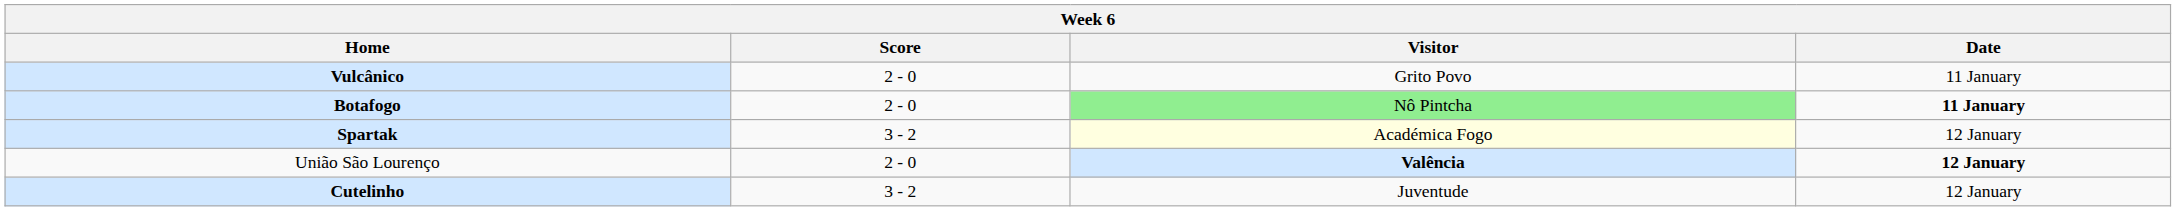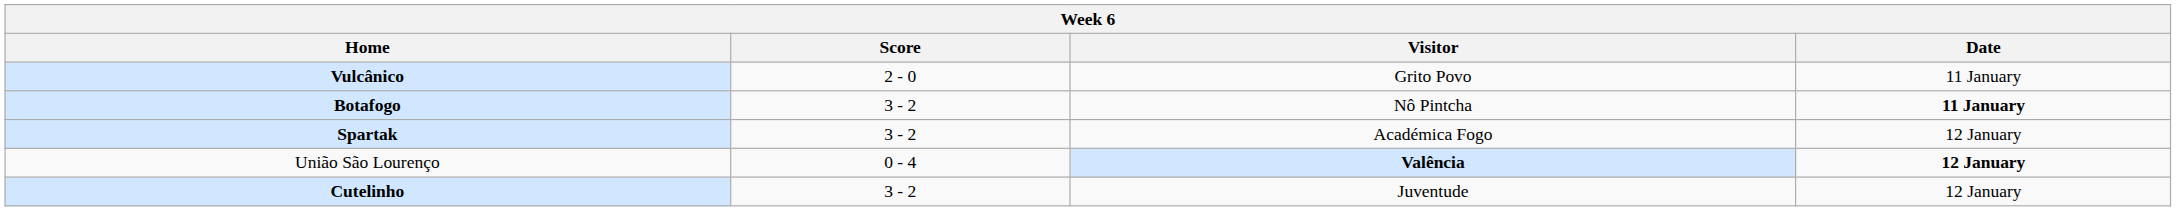 <table class="wikitable" style="margin:1em auto; font-size:95%; text-align: center; width: 95%;">
 <tr>
 <th colspan="12"  style="with:100%; text-align:center;">Week 6</th>
 </tr>
 <tr>
 <th style="width:200px;">Home</th>
 <th width="90">Score</th>
 <th style="width:200px;">Visitor</th>
 <th style="width:100px;">Date</th>
 </tr>
 <tr align=center>
 <td style="background:#d0e7ff;"><strong>Vulcânico</strong></td>
 <td>2 - 0</td>
 <td>Grito Povo</td>
 <td>11 January</td>
 </tr>
 <tr align=center>
 <td style="background:#d0e7ff;"><strong>Botafogo</strong></td>
-<td>2 - 0</td>
-<td style="background: lightgreen;">Nô Pintcha</td>
+<td>3 - 2</td>
+<td>Nô Pintcha</td>
 <td><strong>11 January</strong></td>
 </tr>
 <tr align=center>
 <td style="background:#d0e7ff;"><strong>Spartak</strong></td>
 <td>3 - 2</td>
-<td style="background: lightyellow;">Académica Fogo</td>
+<td>Académica Fogo</td>
 <td>12 January</td>
 </tr>
 <tr align=center>
 <td>União São Lourenço</td>
-<td>2 - 0</td>
+<td>0 - 4</td>
 <td style="background:#d0e7ff;"><strong>Valência</strong></td>
 <td><strong>12 January</strong></td>
 </tr>
 <tr align=center>
 <td style="background:#d0e7ff;"><strong>Cutelinho</strong></td>
 <td>3 - 2</td>
 <td>Juventude</td>
 <td>12 January</td>
 </tr>
 </table>
